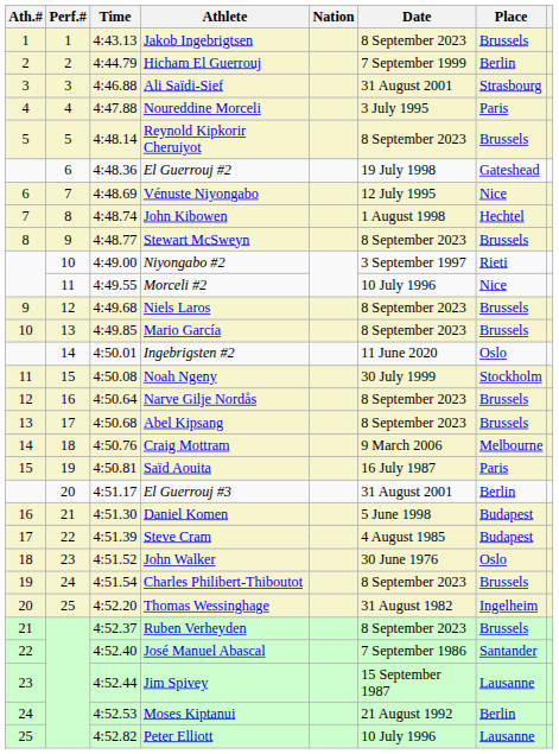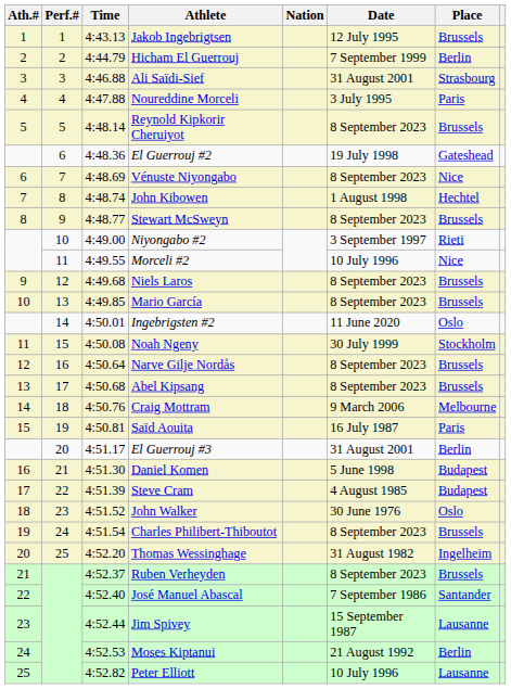 <table class="wikitable sortable" style="display: inline-table">
 <tr>
 <th>Ath.#</th>
 <th>Perf.#</th>
 <th>Time</th>
 <th>Athlete</th>
 <th>Nation</th>
 <th>Date</th>
 <th>Place</th>
 <th class="unsortable"></th>
 </tr>
 <tr bgcolor="#f6F5CE">
 <td align=center>1</td>
 <td align=center>1</td>
 <td>4:43.13</td>
 <td><a href='#'>Jakob Ingebrigtsen</a></td>
 <td></td>
-<td>8 September 2023</td>
+<td>12 July 1995</td>
 <td><a href='#'>Brussels</a></td>
 <td></td>
 </tr>
 <tr bgcolor="#f6F5CE">
 <td align=center>2</td>
 <td align=center>2</td>
 <td>4:44.79</td>
 <td><a href='#'>Hicham El Guerrouj</a></td>
 <td></td>
 <td>7 September 1999</td>
 <td><a href='#'>Berlin</a></td>
 <td></td>
 </tr>
 <tr bgcolor="#f6F5CE">
 <td align=center>3</td>
 <td align=center>3</td>
 <td>4:46.88</td>
 <td><a href='#'>Ali Saïdi-Sief</a></td>
 <td></td>
 <td>31 August 2001</td>
 <td><a href='#'>Strasbourg</a></td>
 <td></td>
 </tr>
 <tr bgcolor="#f6F5CE">
 <td align=center>4</td>
 <td align=center>4</td>
 <td>4:47.88</td>
 <td><a href='#'>Noureddine Morceli</a></td>
 <td></td>
 <td>3 July 1995</td>
 <td><a href='#'>Paris</a></td>
 <td></td>
 </tr>
 <tr bgcolor="#f6F5CE">
 <td align=center>5</td>
 <td align=center>5</td>
 <td>4:48.14</td>
 <td><a href='#'>Reynold Kipkorir Cheruiyot</a></td>
 <td></td>
 <td>8 September 2023</td>
 <td><a href='#'>Brussels</a></td>
 <td></td>
 </tr>
 <tr>
 <td></td>
 <td align=center>6</td>
 <td>4:48.36</td>
 <td><em>El Guerrouj #2</em></td>
 <td></td>
 <td>19 July 1998</td>
 <td><a href='#'>Gateshead</a></td>
 <td></td>
 </tr>
 <tr bgcolor="#f6F5CE">
 <td align="center">6</td>
 <td align="center">7</td>
 <td>4:48.69</td>
 <td><a href='#'>Vénuste Niyongabo</a></td>
 <td></td>
-<td>12 July 1995</td>
+<td>8 September 2023</td>
 <td><a href='#'>Nice</a></td>
 <td></td>
 </tr>
 <tr bgcolor="#f6F5CE">
 <td align=center>7</td>
 <td align=center>8</td>
 <td>4:48.74</td>
 <td><a href='#'>John Kibowen</a></td>
 <td></td>
 <td>1 August 1998</td>
 <td><a href='#'>Hechtel</a></td>
 <td></td>
 </tr>
 <tr bgcolor="#f6F5CE">
 <td align=center>8</td>
 <td align=center>9</td>
 <td>4:48.77</td>
 <td><a href='#'>Stewart McSweyn</a></td>
 <td></td>
 <td>8 September 2023</td>
 <td><a href='#'>Brussels</a></td>
 <td></td>
 </tr>
 <tr>
 <td rowspan="2"></td>
 <td align=center>10</td>
 <td>4:49.00</td>
 <td><em>Niyongabo #2</em></td>
 <td rowspan="2"></td>
 <td>3 September 1997</td>
 <td><a href='#'>Rieti</a></td>
 <td></td>
 </tr>
 <tr>
 <td align=center>11</td>
 <td>4:49.55</td>
 <td><em>Morceli #2</em></td>
 <td>10 July 1996</td>
 <td><a href='#'>Nice</a></td>
 <td></td>
 </tr>
 <tr bgcolor="#f6F5CE">
 <td align=center>9</td>
 <td align=center>12</td>
 <td>4:49.68</td>
 <td><a href='#'>Niels Laros</a></td>
 <td></td>
 <td>8 September 2023</td>
 <td><a href='#'>Brussels</a></td>
 <td></td>
 </tr>
 <tr bgcolor="#f6F5CE">
 <td align=center>10</td>
 <td align=center>13</td>
 <td>4:49.85</td>
 <td><a href='#'>Mario García</a></td>
 <td></td>
 <td>8 September 2023</td>
 <td><a href='#'>Brussels</a></td>
 <td></td>
 </tr>
 <tr>
 <td></td>
 <td align="center">14</td>
 <td>4:50.01</td>
 <td><em>Ingebrigsten #2</em></td>
 <td></td>
 <td>11 June 2020</td>
 <td><a href='#'>Oslo</a></td>
 <td></td>
 </tr>
 <tr bgcolor="#f6F5CE">
 <td align="center">11</td>
 <td align="center">15</td>
 <td>4:50.08</td>
 <td><a href='#'>Noah Ngeny</a></td>
 <td></td>
 <td>30 July 1999</td>
 <td><a href='#'>Stockholm</a></td>
 <td></td>
 </tr>
 <tr bgcolor="#f6F5CE">
 <td align="center">12</td>
 <td align="center">16</td>
 <td>4:50.64</td>
 <td><a href='#'>Narve Gilje Nordås</a></td>
 <td></td>
 <td>8 September 2023</td>
 <td><a href='#'>Brussels</a></td>
 <td></td>
 </tr>
 <tr bgcolor="#f6F5CE">
 <td align="center">13</td>
 <td align="center">17</td>
 <td>4:50.68</td>
 <td><a href='#'>Abel Kipsang</a></td>
 <td></td>
 <td>8 September 2023</td>
 <td><a href='#'>Brussels</a></td>
 <td></td>
 </tr>
 <tr bgcolor="#f6F5CE">
 <td align="center">14</td>
 <td align="center">18</td>
 <td>4:50.76</td>
 <td><a href='#'>Craig Mottram</a></td>
 <td></td>
 <td>9 March 2006</td>
 <td><a href='#'>Melbourne</a></td>
 <td></td>
 </tr>
 <tr bgcolor="#f6F5CE">
 <td align="center">15</td>
 <td align="center">19</td>
 <td>4:50.81</td>
 <td><a href='#'>Saïd Aouita</a></td>
 <td></td>
 <td>16 July 1987</td>
 <td><a href='#'>Paris</a></td>
 <td></td>
 </tr>
 <tr>
 <td></td>
 <td align="center">20</td>
 <td>4:51.17</td>
 <td><em>El Guerrouj #3</em></td>
 <td></td>
 <td>31 August 2001</td>
 <td><a href='#'>Berlin</a></td>
 <td></td>
 </tr>
 <tr bgcolor="#f6F5CE">
 <td align="center">16</td>
 <td align="center">21</td>
 <td>4:51.30</td>
 <td><a href='#'>Daniel Komen</a></td>
 <td></td>
 <td>5 June 1998</td>
 <td><a href='#'>Budapest</a></td>
 <td></td>
 </tr>
 <tr bgcolor="#f6F5CE">
 <td align="center">17</td>
 <td align="center">22</td>
 <td>4:51.39</td>
 <td><a href='#'>Steve Cram</a></td>
 <td></td>
 <td>4 August 1985</td>
 <td><a href='#'>Budapest</a></td>
 <td></td>
 </tr>
 <tr bgcolor="#f6F5CE">
 <td align="center">18</td>
 <td align="center">23</td>
 <td>4:51.52</td>
 <td><a href='#'>John Walker</a></td>
 <td></td>
 <td>30 June 1976</td>
 <td><a href='#'>Oslo</a></td>
 <td></td>
 </tr>
 <tr bgcolor="#f6F5CE">
 <td align="center">19</td>
 <td align="center">24</td>
 <td>4:51.54</td>
 <td><a href='#'>Charles Philibert-Thiboutot</a></td>
 <td></td>
 <td>8 September 2023</td>
 <td><a href='#'>Brussels</a></td>
 <td></td>
 </tr>
 <tr bgcolor="#f6F5CE">
 <td align="center">20</td>
 <td align="center">25</td>
 <td>4:52.20</td>
 <td><a href='#'>Thomas Wessinghage</a></td>
 <td></td>
 <td>31 August 1982</td>
 <td><a href='#'>Ingelheim</a></td>
 <td></td>
 </tr>
 <tr bgcolor=#CCFFCC>
 <td align="center">21</td>
 <td rowspan="5" align="center"></td>
 <td>4:52.37</td>
 <td><a href='#'>Ruben Verheyden</a></td>
 <td></td>
 <td>8 September 2023</td>
 <td><a href='#'>Brussels</a></td>
 <td></td>
 </tr>
 <tr bgcolor=#CCFFCC>
 <td align="center">22</td>
 <td>4:52.40</td>
 <td><a href='#'>José Manuel Abascal</a></td>
 <td></td>
 <td>7 September 1986</td>
 <td><a href='#'>Santander</a></td>
 <td></td>
 </tr>
 <tr bgcolor=#CCFFCC>
 <td align="center">23</td>
 <td>4:52.44</td>
 <td><a href='#'>Jim Spivey</a></td>
 <td></td>
 <td>15 September 1987</td>
 <td><a href='#'>Lausanne</a></td>
 <td></td>
 </tr>
 <tr bgcolor=#CCFFCC>
 <td align="center">24</td>
 <td>4:52.53</td>
 <td><a href='#'>Moses Kiptanui</a></td>
 <td></td>
 <td>21 August 1992</td>
 <td><a href='#'>Berlin</a></td>
 <td></td>
 </tr>
 <tr bgcolor=#CCFFCC>
 <td align="center">25</td>
 <td>4:52.82</td>
 <td><a href='#'>Peter Elliott</a></td>
 <td></td>
 <td>10 July 1996</td>
 <td><a href='#'>Lausanne</a></td>
 <td></td>
 </tr>
 </table>
